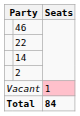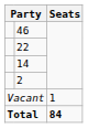 <table class="wikitable">
 <tr>
 <th colspan=2>Party</th>
 <th>Seats</th>
 </tr>
 <tr>
 <td></td>
 <td>46</td>
 </tr>
 <tr>
 <td></td>
 <td>22</td>
 </tr>
 <tr>
 <td></td>
 <td>14</td>
 </tr>
 <tr>
 <td></td>
 <td>2</td>
 </tr>
 <tr>
 <td colspan="2"><em>Vacant</em></td>
-<td style="background: pink;">1</td>
+<td>1</td>
 </tr>
 <tr>
 <td colspan="2"><strong>Total</strong></td>
 <td><strong>84</strong></td>
 </tr>
 </table>
